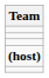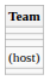 <table class="wikitable">
 <tr>
 <th>Team</th>
 </tr>
 <tr>
 <td></td>
 </tr>
 <tr>
 <td></td>
 </tr>
 <tr>
 <td></td>
 </tr>
 <tr>
-<td><strong> (host)</strong></td>
+<td> (host)</td>
 </tr>
 <tr>
 <td></td>
 </tr>
 </table>
